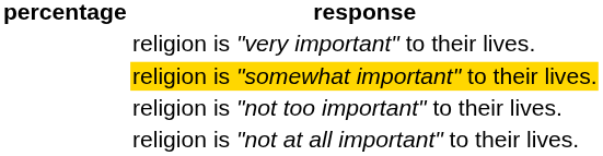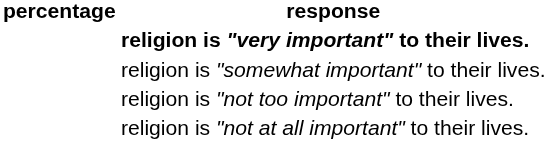 <table>
 <tr>
 <th>percentage</th>
 <th>response</th>
 </tr>
 <tr>
 <td></td>
-<td>religion is <em>"very important"</em> to their lives.</td>
+<td><strong>religion is <em>"very important"</em> to their lives.</strong></td>
 </tr>
 <tr>
 <td></td>
-<td style="background: gold;">religion is <em>"somewhat important"</em> to their lives.</td>
+<td>religion is <em>"somewhat important"</em> to their lives.</td>
 </tr>
 <tr>
 <td></td>
 <td>religion is <em>"not too important"</em> to their lives.</td>
 </tr>
 <tr>
 <td></td>
 <td>religion is <em>"not at all important"</em> to their lives.</td>
 </tr>
 </table>
